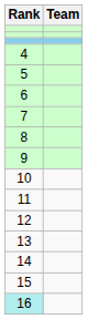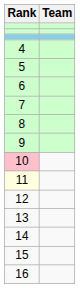 <table class="wikitable" style="text-align:center">
 <tr>
 <th width=40>Rank</th>
 <th>Team</th>
 </tr>
 <tr bgcolor=#ccffcc>
 <td></td>
 <td style="text-align:left"></td>
 </tr>
 <tr bgcolor=#ccffcc>
 <td></td>
 <td style="text-align:left"></td>
 </tr>
 <tr bgcolor=#87ceeb>
 <td></td>
 <td style="text-align:left"></td>
 </tr>
 <tr bgcolor=#ccffcc>
 <td>4</td>
 <td style="text-align:left"></td>
 </tr>
 <tr bgcolor=#ccffcc>
 <td>5</td>
 <td style="text-align:left"></td>
 </tr>
 <tr bgcolor=#ccffcc>
 <td>6</td>
 <td style="text-align:left"></td>
 </tr>
 <tr bgcolor=#ccffcc>
 <td>7</td>
 <td style="text-align:left"></td>
 </tr>
 <tr bgcolor=#ccffcc>
 <td>8</td>
 <td style="text-align:left"></td>
 </tr>
 <tr bgcolor=#ccffcc>
 <td>9</td>
 <td style="text-align:left"></td>
 </tr>
 <tr>
-<td>10</td>
+<td style="background: pink;">10</td>
 <td style="text-align:left"></td>
 </tr>
 <tr>
-<td>11</td>
+<td style="background: lightyellow;">11</td>
 <td style="text-align:left"></td>
 </tr>
 <tr>
 <td>12</td>
 <td style="text-align:left"></td>
 </tr>
 <tr>
 <td>13</td>
 <td style="text-align:left"></td>
 </tr>
 <tr>
 <td>14</td>
 <td style="text-align:left"></td>
 </tr>
 <tr>
 <td>15</td>
 <td style="text-align:left"></td>
 </tr>
 <tr>
-<td style="background: paleturquoise;">16</td>
+<td>16</td>
 <td style="text-align:left"></td>
 </tr>
 </table>
